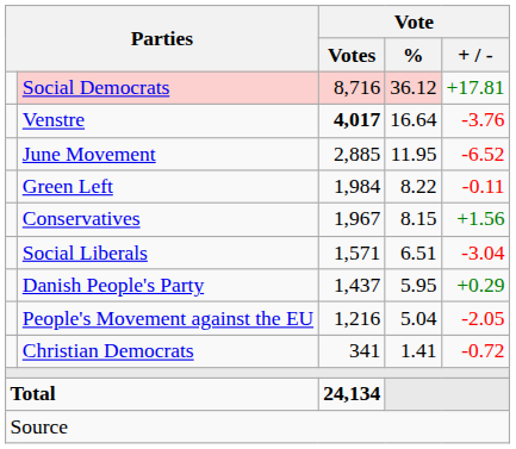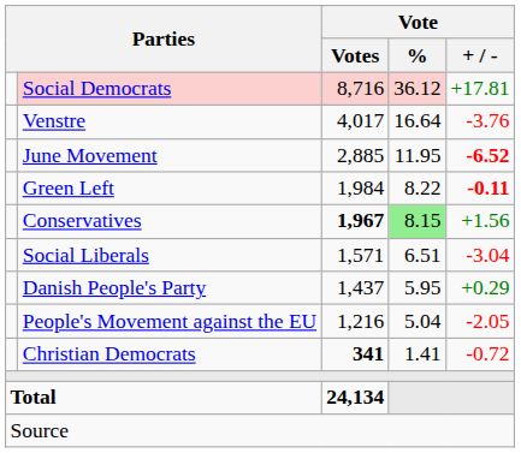 <table class="wikitable" style="text-align:right;">
 <tr>
 <th style="text-align:centre;" rowspan="2" colspan="2" width="225">Parties</th>
 <th colspan="3">Vote</th>
 </tr>
 <tr>
 <th width="15">Votes</th>
 <th width="15">%</th>
 <th width="15">+ / -</th>
 </tr>
 <tr>
 <td width="2" style="color:inherit;background:"></td>
 <td bgcolor=#fbd0ce   align="left"><a href='#'>Social Democrats</a></td>
 <td bgcolor=#fbd0ce>8,716</td>
 <td bgcolor=#fbd0ce>36.12</td>
 <td style=color:green;>+17.81</td>
 </tr>
 <tr>
 <td width="2" style="color:inherit;background:"></td>
 <td align="left"><a href='#'>Venstre</a></td>
-<td><strong>4,017</strong></td>
+<td>4,017</td>
 <td>16.64</td>
 <td style=color:red;>-3.76</td>
 </tr>
 <tr>
 <td width="2" style="color:inherit;background:"></td>
 <td align="left"><a href='#'>June Movement</a></td>
 <td>2,885</td>
 <td>11.95</td>
-<td style=color:red;>-6.52</td>
+<td style=color:red;><strong>-6.52</strong></td>
 </tr>
 <tr>
 <td width="2" style="color:inherit;background:"></td>
 <td align="left"><a href='#'>Green Left</a></td>
 <td>1,984</td>
 <td>8.22</td>
-<td style=color:red;>-0.11</td>
+<td style=color:red;><strong>-0.11</strong></td>
 </tr>
 <tr>
 <td width="2" style="color:inherit;background:"></td>
 <td align="left"><a href='#'>Conservatives</a></td>
-<td>1,967</td>
-<td>8.15</td>
+<td><strong>1,967</strong></td>
+<td style="background: lightgreen;">8.15</td>
 <td style=color:green;>+1.56</td>
 </tr>
 <tr>
 <td width="2" style="color:inherit;background:"></td>
 <td align="left"><a href='#'>Social Liberals</a></td>
 <td>1,571</td>
 <td>6.51</td>
 <td style=color:red;>-3.04</td>
 </tr>
 <tr>
 <td width="2" style="color:inherit;background:"></td>
 <td align="left"><a href='#'>Danish People's Party</a></td>
 <td>1,437</td>
 <td>5.95</td>
 <td style=color:green;>+0.29</td>
 </tr>
 <tr>
 <td width="2" style="color:inherit;background:"></td>
 <td align="left"><a href='#'>People's Movement against the EU</a></td>
 <td>1,216</td>
 <td>5.04</td>
 <td style=color:red;>-2.05</td>
 </tr>
 <tr>
 <td width="2" style="color:inherit;background:"></td>
 <td align="left"><a href='#'>Christian Democrats</a></td>
-<td>341</td>
+<td><strong>341</strong></td>
 <td>1.41</td>
 <td style=color:red;>-0.72</td>
 </tr>
 <tr>
 <td colspan="7" bgcolor="#E9E9E9"></td>
 </tr>
 <tr>
 <td align="left" colspan="2"><strong>Total</strong></td>
 <td><strong>24,134</strong></td>
 <td bgcolor="#E9E9E9" colspan="2"></td>
 </tr>
 <tr>
 <td align="left" colspan="6">Source</td>
 </tr>
 </table>
